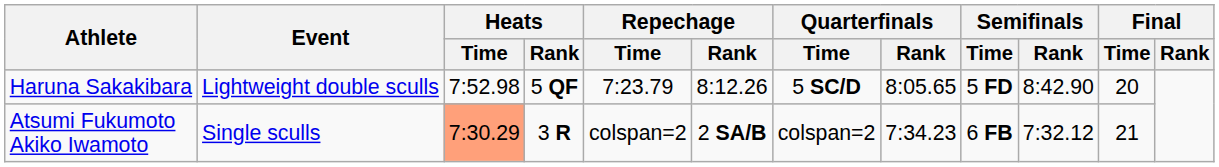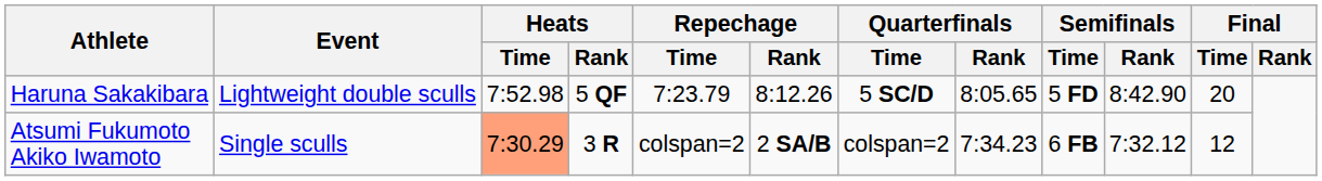 <table class="wikitable" style="font-size:90%">
 <tr>
 <th rowspan="2">Athlete</th>
 <th rowspan="2">Event</th>
 <th colspan="2">Heats</th>
 <th colspan="2">Repechage</th>
 <th colspan=2>Quarterfinals</th>
 <th colspan="2">Semifinals</th>
 <th colspan="2">Final</th>
 </tr>
 <tr style="font-size:95%">
 <th>Time</th>
 <th>Rank</th>
 <th>Time</th>
 <th>Rank</th>
 <th>Time</th>
 <th>Rank</th>
 <th>Time</th>
 <th>Rank</th>
 <th>Time</th>
 <th>Rank</th>
 </tr>
 <tr align=center>
 <td align=left><a href='#'>Haruna Sakakibara</a></td>
 <td align=left><a href='#'>Lightweight double sculls</a></td>
 <td>7:52.98</td>
 <td>5 <strong>QF</strong></td>
 <td>7:23.79</td>
 <td>8:12.26</td>
 <td>5 <strong>SC/D</strong></td>
 <td>8:05.65</td>
 <td>5 <strong>FD</strong></td>
 <td>8:42.90</td>
 <td>20</td>
 </tr>
 <tr align=center>
 <td align=left><a href='#'>Atsumi Fukumoto</a><br><a href='#'>Akiko Iwamoto</a></td>
 <td align=left><a href='#'>Single sculls</a></td>
 <td style="background: lightsalmon;">7:30.29</td>
 <td>3 <strong>R</strong></td>
 <td>colspan=2  </td>
 <td>2 <strong>SA/B</strong></td>
 <td>colspan=2 </td>
 <td>7:34.23</td>
 <td>6 <strong>FB</strong></td>
 <td>7:32.12</td>
-<td>21</td>
+<td>12</td>
 </tr>
 </table>
